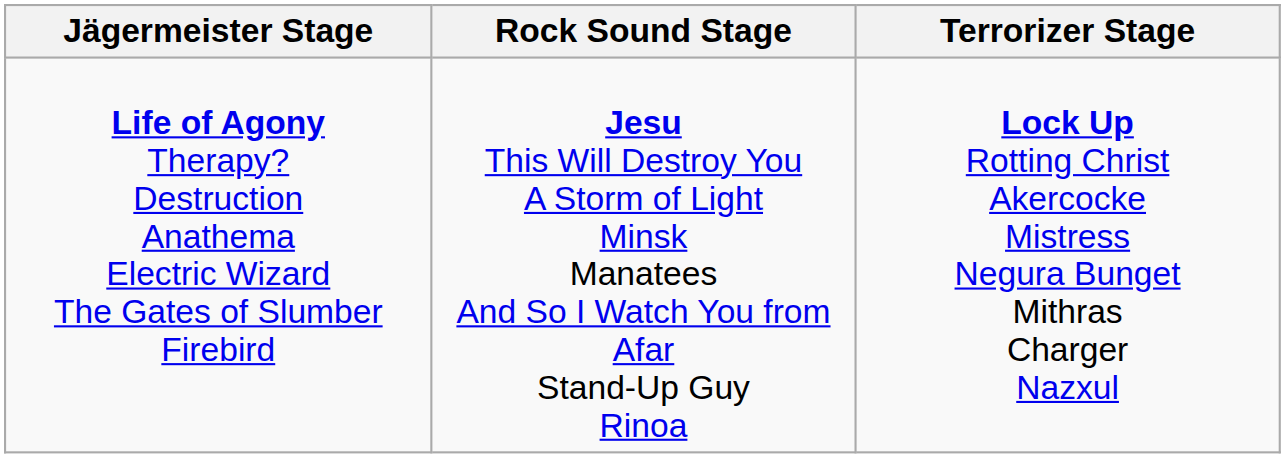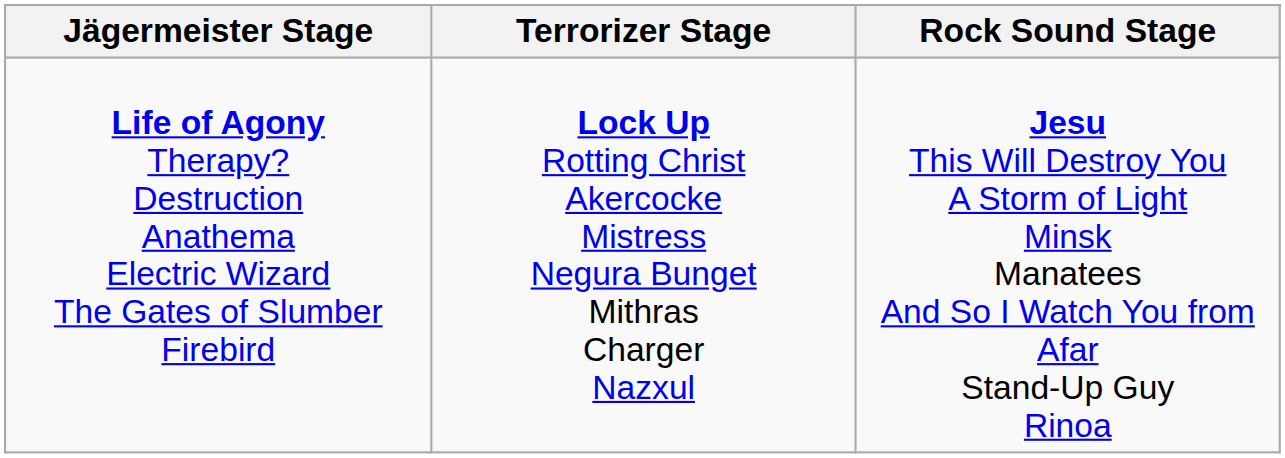 <table class="wikitable">
 <tr>
 <th>Jägermeister Stage</th>
+<th>Terrorizer Stage</th>
 <th>Rock Sound Stage</th>
-<th>Terrorizer Stage</th>
 </tr>
 <tr>
 <td valign="top" align="center" width=200><br><strong><a href='#'>Life of Agony</a></strong><br> <a href='#'>Therapy?</a><br> <a href='#'>Destruction</a><br> <a href='#'>Anathema</a><br> <a href='#'>Electric Wizard</a><br> <a href='#'>The Gates of Slumber</a><br> <a href='#'>Firebird</a></td>
+<td valign="top" align="center" width=200><br><strong><a href='#'>Lock Up</a></strong><br> <a href='#'>Rotting Christ</a><br> <a href='#'>Akercocke</a><br> <a href='#'>Mistress</a><br> <a href='#'>Negura Bunget</a><br> Mithras<br> Charger<br> <a href='#'>Nazxul</a></td>
 <td valign="top" align="center" width=200><br><strong><a href='#'>Jesu</a></strong><br> <a href='#'>This Will Destroy You</a><br> <a href='#'>A Storm of Light</a><br> <a href='#'>Minsk</a><br> Manatees<br> <a href='#'>And So I Watch You from Afar</a><br> Stand-Up Guy<br> <a href='#'>Rinoa</a><br></td>
-<td valign="top" align="center" width=200><br><strong><a href='#'>Lock Up</a></strong><br> <a href='#'>Rotting Christ</a><br> <a href='#'>Akercocke</a><br> <a href='#'>Mistress</a><br> <a href='#'>Negura Bunget</a><br> Mithras<br> Charger<br> <a href='#'>Nazxul</a></td>
 </tr>
 </table>
